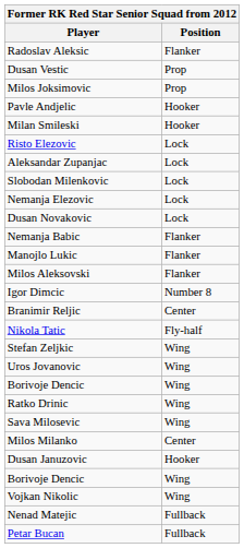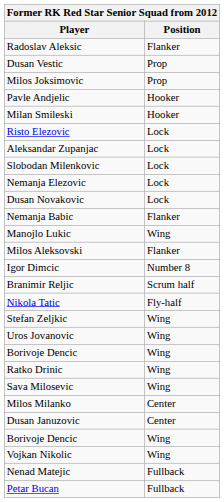 <table class="wikitable sortable collapsible collapsed">
 <tr>
 <th colspan=2>Former RK Red Star Senior Squad from 2012</th>
 </tr>
 <tr>
 <th>Player</th>
 <th>Position</th>
 </tr>
 <tr>
 <td>Radoslav Aleksic</td>
 <td>Flanker</td>
 </tr>
 <tr>
 <td>Dusan Vestic</td>
 <td>Prop</td>
 </tr>
 <tr>
 <td>Milos Joksimovic</td>
 <td>Prop</td>
 </tr>
 <tr>
 <td>Pavle Andjelic</td>
 <td>Hooker</td>
 </tr>
 <tr>
 <td>Milan Smileski</td>
 <td>Hooker</td>
 </tr>
 <tr>
 <td><a href='#'>Risto Elezovic</a></td>
 <td>Lock</td>
 </tr>
 <tr>
 <td>Aleksandar Zupanjac</td>
 <td>Lock</td>
 </tr>
 <tr>
 <td>Slobodan Milenkovic</td>
 <td>Lock</td>
 </tr>
 <tr>
 <td>Nemanja Elezovic</td>
 <td>Lock</td>
 </tr>
 <tr>
 <td>Dusan Novakovic</td>
 <td>Lock</td>
 </tr>
 <tr>
 <td>Nemanja Babic</td>
 <td>Flanker</td>
 </tr>
 <tr>
 <td>Manojlo Lukic</td>
-<td>Flanker</td>
+<td>Wing</td>
 </tr>
 <tr>
 <td>Milos Aleksovski</td>
 <td>Flanker</td>
 </tr>
 <tr>
 <td>Igor Dimcic</td>
 <td>Number 8</td>
 </tr>
 <tr>
 <td>Branimir Reljic</td>
-<td>Center</td>
+<td>Scrum half</td>
 </tr>
 <tr>
 <td><a href='#'>Nikola Tatic</a></td>
 <td>Fly-half</td>
 </tr>
 <tr>
 <td>Stefan Zeljkic</td>
 <td>Wing</td>
 </tr>
 <tr>
 <td>Uros Jovanovic</td>
 <td>Wing</td>
 </tr>
 <tr>
 <td>Borivoje Dencic</td>
 <td>Wing</td>
 </tr>
 <tr>
 <td>Ratko Drinic</td>
 <td>Wing</td>
 </tr>
 <tr>
 <td>Sava Milosevic</td>
 <td>Wing</td>
 </tr>
 <tr>
 <td>Milos Milanko</td>
 <td>Center</td>
 </tr>
 <tr>
 <td>Dusan Januzovic</td>
-<td>Hooker</td>
+<td>Center</td>
 </tr>
 <tr>
 <td>Borivoje Dencic</td>
 <td>Wing</td>
 </tr>
 <tr>
 <td>Vojkan Nikolic</td>
 <td>Wing</td>
 </tr>
 <tr>
 <td>Nenad Matejic</td>
 <td>Fullback</td>
 </tr>
 <tr>
 <td><a href='#'>Petar Bucan</a></td>
 <td>Fullback</td>
 </tr>
 </table>
